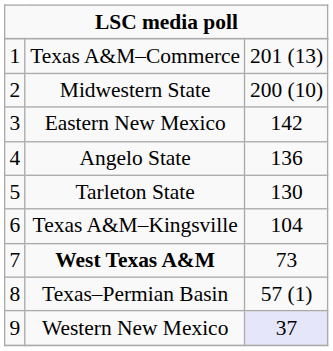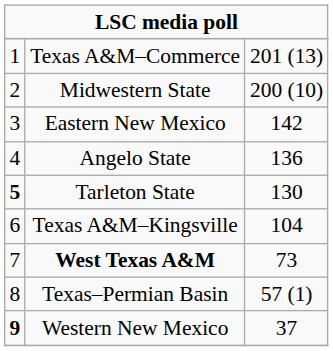 <table class="wikitable" style="display: inline-table;">
 <tr>
 <td align="center" Colspan="3"><strong>LSC media poll</strong></td>
 </tr>
 <tr align="center">
 </tr>
 <tr align="center">
 <td>1</td>
 <td>Texas A&M–Commerce</td>
 <td>201 (13)</td>
 </tr>
 <tr align="center">
 <td>2</td>
 <td>Midwestern State</td>
 <td>200 (10)</td>
 </tr>
 <tr align="center">
 <td>3</td>
 <td>Eastern New Mexico</td>
 <td>142</td>
 </tr>
 <tr align="center">
 <td>4</td>
 <td>Angelo State</td>
 <td>136</td>
 </tr>
 <tr align="center">
-<td>5</td>
+<td><strong>5</strong></td>
 <td>Tarleton State</td>
 <td>130</td>
 </tr>
 <tr align="center">
 <td>6</td>
 <td>Texas A&M–Kingsville</td>
 <td>104</td>
 </tr>
 <tr align="center">
 <td>7</td>
 <td><strong>West Texas A&M</strong></td>
 <td>73</td>
 </tr>
 <tr align="center">
 <td>8</td>
 <td>Texas–Permian Basin</td>
 <td>57 (1)</td>
 </tr>
 <tr align="center">
-<td>9</td>
+<td><strong>9</strong></td>
 <td>Western New Mexico</td>
-<td style="background: lavender;">37</td>
+<td>37</td>
 </tr>
 <tr>
 </tr>
 </table>
